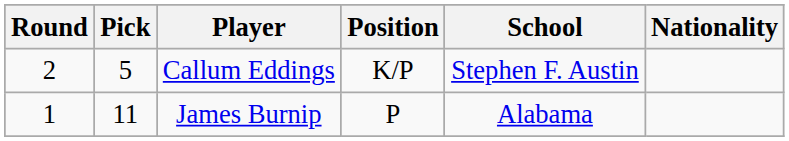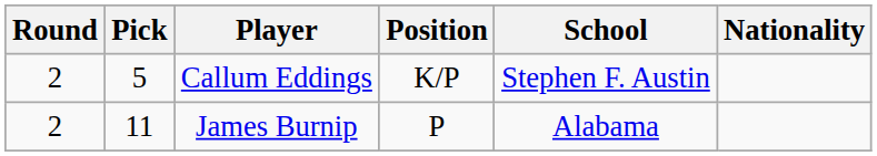 <table class="wikitable" style="font-size: 95%;">
 <tr>
 <th scope="col">Round</th>
 <th scope="col">Pick</th>
 <th scope="col">Player</th>
 <th scope="col">Position</th>
 <th scope="col">School</th>
 <th scope="col">Nationality</th>
 </tr>
 <tr align="center">
 <td align=center>2</td>
 <td>5</td>
 <td><a href='#'>Callum Eddings</a></td>
 <td>K/P</td>
 <td><a href='#'>Stephen F. Austin</a></td>
 <td></td>
 </tr>
 <tr align="center">
-<td align=center>1</td>
+<td align=center>2</td>
 <td>11</td>
 <td><a href='#'>James Burnip</a></td>
 <td>P</td>
 <td><a href='#'>Alabama</a></td>
 <td></td>
 </tr>
 </table>
